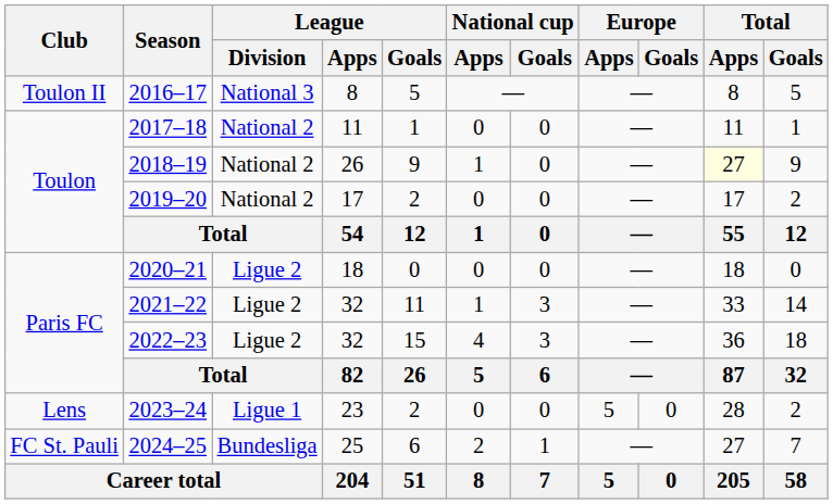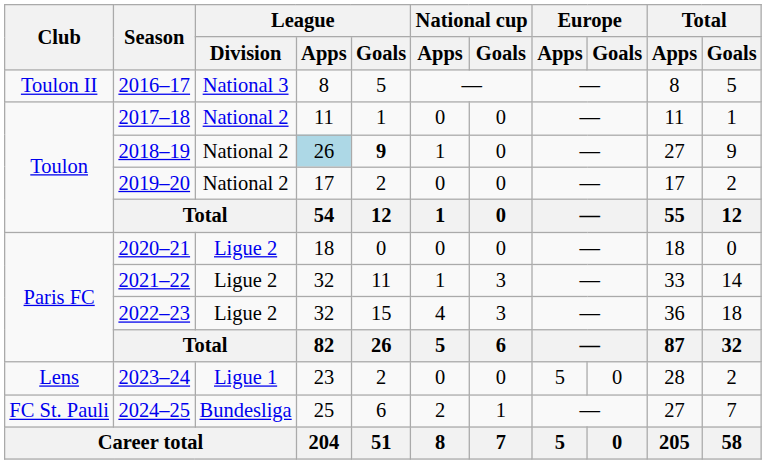 <table class="wikitable" style="text-align: center;">
 <tr>
 <th rowspan="2">Club</th>
 <th rowspan="2">Season</th>
 <th colspan="3">League</th>
 <th colspan="2">National cup</th>
 <th colspan="2">Europe</th>
 <th colspan="2">Total</th>
 </tr>
 <tr>
 <th>Division</th>
 <th>Apps</th>
 <th>Goals</th>
 <th>Apps</th>
 <th>Goals</th>
 <th>Apps</th>
 <th>Goals</th>
 <th>Apps</th>
 <th>Goals</th>
 </tr>
 <tr>
 <td><a href='#'>Toulon II</a></td>
 <td><a href='#'>2016–17</a></td>
 <td><a href='#'>National 3</a></td>
 <td>8</td>
 <td>5</td>
 <td colspan="2">—</td>
 <td colspan="2">—</td>
 <td>8</td>
 <td>5</td>
 </tr>
 <tr>
 <td rowspan="4"><a href='#'>Toulon</a></td>
 <td><a href='#'>2017–18</a></td>
 <td><a href='#'>National 2</a></td>
 <td>11</td>
 <td>1</td>
 <td>0</td>
 <td>0</td>
 <td colspan="2">—</td>
 <td>11</td>
 <td>1</td>
 </tr>
 <tr>
 <td><a href='#'>2018–19</a></td>
 <td>National 2</td>
-<td>26</td>
-<td>9</td>
+<td style="background: lightblue;">26</td>
+<td><strong>9</strong></td>
 <td>1</td>
 <td>0</td>
 <td colspan="2">—</td>
-<td style="background: lightyellow;">27</td>
+<td>27</td>
 <td>9</td>
 </tr>
 <tr>
 <td><a href='#'>2019–20</a></td>
 <td>National 2</td>
 <td>17</td>
 <td>2</td>
 <td>0</td>
 <td>0</td>
 <td colspan="2">—</td>
 <td>17</td>
 <td>2</td>
 </tr>
 <tr>
 <th colspan="2">Total</th>
 <th>54</th>
 <th>12</th>
 <th>1</th>
 <th>0</th>
 <th colspan="2">—</th>
 <th>55</th>
 <th>12</th>
 </tr>
 <tr>
 <td rowspan="4"><a href='#'>Paris FC</a></td>
 <td><a href='#'>2020–21</a></td>
 <td><a href='#'>Ligue 2</a></td>
 <td>18</td>
 <td>0</td>
 <td>0</td>
 <td>0</td>
 <td colspan="2">—</td>
 <td>18</td>
 <td>0</td>
 </tr>
 <tr>
 <td><a href='#'>2021–22</a></td>
 <td>Ligue 2</td>
 <td>32</td>
 <td>11</td>
 <td>1</td>
 <td>3</td>
 <td colspan="2">—</td>
 <td>33</td>
 <td>14</td>
 </tr>
 <tr>
 <td><a href='#'>2022–23</a></td>
 <td>Ligue 2</td>
 <td>32</td>
 <td>15</td>
 <td>4</td>
 <td>3</td>
 <td colspan="2">—</td>
 <td>36</td>
 <td>18</td>
 </tr>
 <tr>
 <th colspan="2">Total</th>
 <th>82</th>
 <th>26</th>
 <th>5</th>
 <th>6</th>
 <th colspan="2">—</th>
 <th>87</th>
 <th>32</th>
 </tr>
 <tr>
 <td><a href='#'>Lens</a></td>
 <td><a href='#'>2023–24</a></td>
 <td><a href='#'>Ligue 1</a></td>
 <td>23</td>
 <td>2</td>
 <td>0</td>
 <td>0</td>
 <td>5</td>
 <td>0</td>
 <td>28</td>
 <td>2</td>
 </tr>
 <tr>
 <td><a href='#'>FC St. Pauli</a></td>
 <td><a href='#'>2024–25</a></td>
 <td><a href='#'>Bundesliga</a></td>
 <td>25</td>
 <td>6</td>
 <td>2</td>
 <td>1</td>
 <td colspan="2">—</td>
 <td>27</td>
 <td>7</td>
 </tr>
 <tr>
 <th colspan="3">Career total</th>
 <th>204</th>
 <th>51</th>
 <th>8</th>
 <th>7</th>
 <th>5</th>
 <th>0</th>
 <th>205</th>
 <th>58</th>
 </tr>
 </table>
